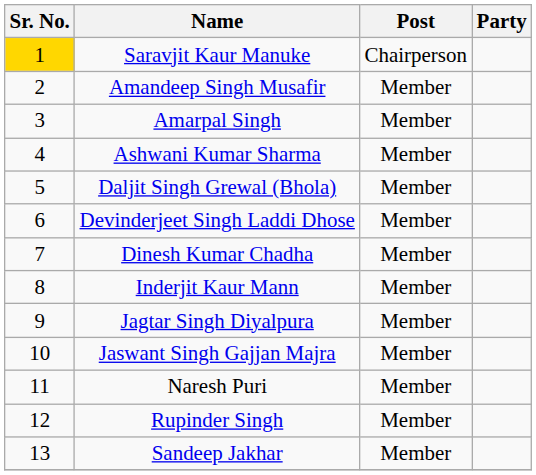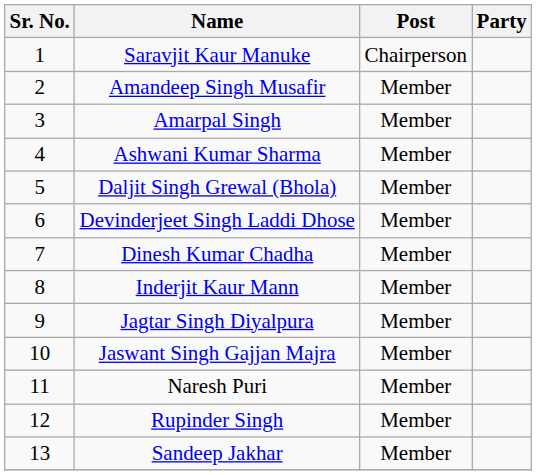 <table class="wikitable sortable">
 <tr>
 <th>Sr. No.</th>
 <th>Name</th>
 <th>Post</th>
 <th colspan="2">Party</th>
 </tr>
 <tr align="center">
-<td style="background: gold;">1</td>
+<td>1</td>
 <td><a href='#'>Saravjit Kaur Manuke</a></td>
 <td>Chairperson</td>
 <td></td>
 </tr>
 <tr align="center">
 <td>2</td>
 <td><a href='#'>Amandeep Singh Musafir</a></td>
 <td>Member</td>
 <td></td>
 </tr>
 <tr align="center">
 <td>3</td>
 <td><a href='#'>Amarpal Singh</a></td>
 <td>Member</td>
 <td></td>
 </tr>
 <tr align="center">
 <td>4</td>
 <td><a href='#'>Ashwani Kumar Sharma</a></td>
 <td>Member</td>
 <td></td>
 </tr>
 <tr align="center">
 <td>5</td>
 <td><a href='#'>Daljit Singh Grewal (Bhola)</a></td>
 <td>Member</td>
 <td></td>
 </tr>
 <tr align="center">
 <td>6</td>
 <td><a href='#'>Devinderjeet Singh Laddi Dhose</a></td>
 <td>Member</td>
 <td></td>
 </tr>
 <tr align="center">
 <td>7</td>
 <td><a href='#'>Dinesh Kumar Chadha</a></td>
 <td>Member</td>
 <td></td>
 </tr>
 <tr align="center">
 <td>8</td>
 <td><a href='#'>Inderjit Kaur Mann</a></td>
 <td>Member</td>
 <td></td>
 </tr>
 <tr align="center">
 <td>9</td>
 <td><a href='#'>Jagtar Singh Diyalpura</a></td>
 <td>Member</td>
 <td></td>
 </tr>
 <tr align="center">
 <td>10</td>
 <td><a href='#'>Jaswant Singh Gajjan Majra</a></td>
 <td>Member</td>
 <td></td>
 </tr>
 <tr align="center">
 <td>11</td>
 <td>Naresh Puri</td>
 <td>Member</td>
 <td></td>
 </tr>
 <tr align="center">
 <td>12</td>
 <td><a href='#'>Rupinder Singh</a></td>
 <td>Member</td>
 <td></td>
 </tr>
 <tr align="center">
 <td>13</td>
 <td><a href='#'>Sandeep Jakhar</a></td>
 <td>Member</td>
 <td></td>
 </tr>
 <tr align="center">
 </tr>
 </table>
